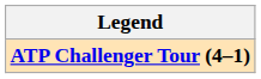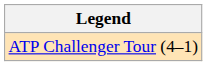 <table class=wikitable style=font-size:97%>
 <tr>
 <th>Legend</th>
 </tr>
 <tr bgcolor=moccasin>
-<td><strong><a href='#'>ATP Challenger Tour</a> (4–1)</strong></td>
+<td><a href='#'>ATP Challenger Tour</a> (4–1)</td>
 </tr>
 </table>
